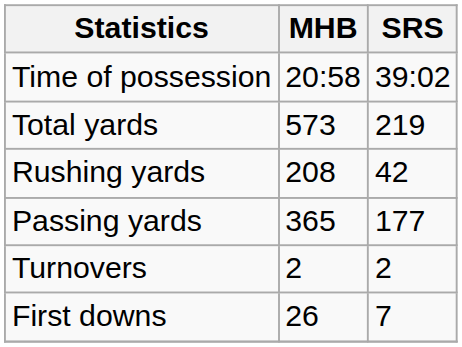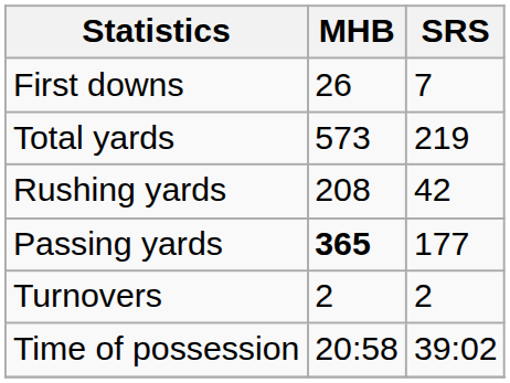 <table class="wikitable" style="float: left;">
 <tr>
 <th>Statistics</th>
 <th>MHB</th>
 <th>SRS</th>
 </tr>
 <tr>
-<td>Time of possession</td>
-<td>20:58</td>
-<td>39:02</td>
+<td>First downs</td>
+<td>26</td>
+<td>7</td>
 </tr>
 <tr>
 <td>Total yards</td>
 <td>573</td>
 <td>219</td>
 </tr>
 <tr>
 <td>Rushing yards</td>
 <td>208</td>
 <td>42</td>
 </tr>
 <tr>
 <td>Passing yards</td>
-<td>365</td>
+<td><strong>365</strong></td>
 <td>177</td>
 </tr>
 <tr>
 <td>Turnovers</td>
 <td>2</td>
 <td>2</td>
 </tr>
 <tr>
-<td>First downs</td>
-<td>26</td>
-<td>7</td>
+<td>Time of possession</td>
+<td>20:58</td>
+<td>39:02</td>
 </tr>
 <tr>
 </tr>
 </table>
